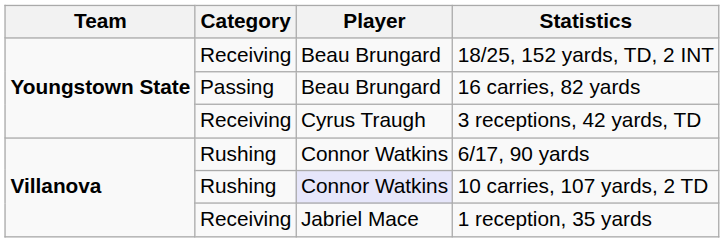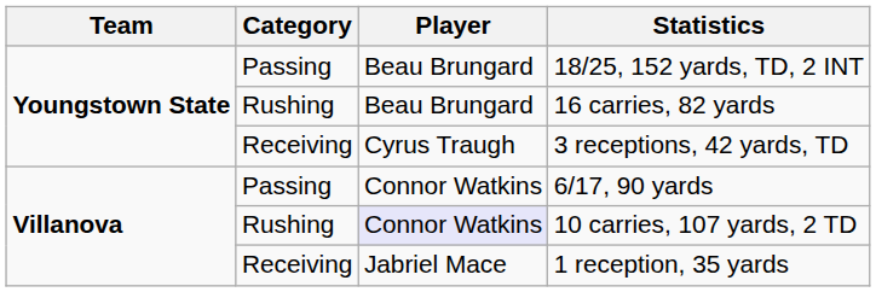 <table class="wikitable" style="float: right;">
 <tr>
 <th>Team</th>
 <th>Category</th>
 <th>Player</th>
 <th>Statistics</th>
 </tr>
 <tr>
 <td rowspan=3><strong>Youngstown State</strong></td>
-<td>Receiving</td>
+<td>Passing</td>
 <td>Beau Brungard</td>
 <td>18/25, 152 yards, TD, 2 INT</td>
 </tr>
 <tr>
-<td>Passing</td>
+<td>Rushing</td>
 <td>Beau Brungard</td>
 <td>16 carries, 82 yards</td>
 </tr>
 <tr>
 <td>Receiving</td>
 <td>Cyrus Traugh</td>
 <td>3 receptions, 42 yards, TD</td>
 </tr>
 <tr>
 <td rowspan=3><strong>Villanova</strong></td>
-<td>Rushing</td>
+<td>Passing</td>
 <td>Connor Watkins</td>
 <td>6/17, 90 yards</td>
 </tr>
 <tr>
 <td>Rushing</td>
 <td style="background: lavender;">Connor Watkins</td>
 <td>10 carries, 107 yards, 2 TD</td>
 </tr>
 <tr>
 <td>Receiving</td>
 <td>Jabriel Mace</td>
 <td>1 reception, 35 yards</td>
 </tr>
 </table>
